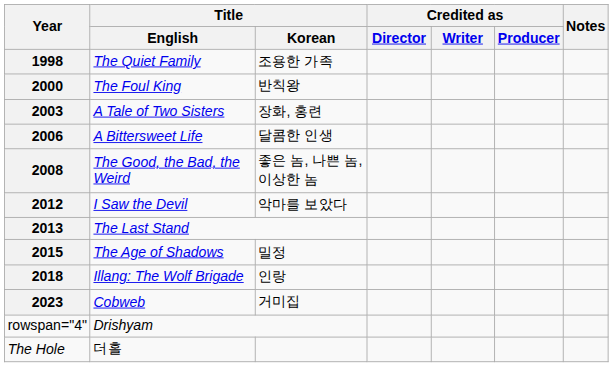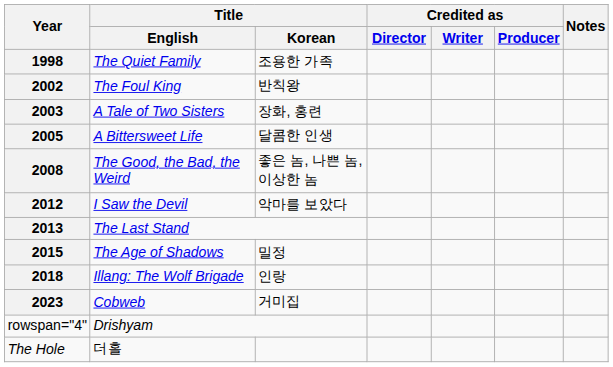 <table class="wikitable plainrowheaders sortable">
 <tr>
 <th rowspan="2" style="width:33px;">Year</th>
 <th colspan="2">Title</th>
 <th colspan="3">Credited as</th>
 <th rowspan="2" class="unsortable">Notes</th>
 </tr>
 <tr>
 <th width="180">English</th>
 <th width="120">Korean</th>
 <th width="65" class="unsortable"><a href='#'>Director</a></th>
 <th width="65" class="unsortable"><a href='#'>Writer</a></th>
 <th width="65" class="unsortable"><a href='#'>Producer</a></th>
 </tr>
 <tr>
 <th scope="row">1998</th>
 <td><em><a href='#'>The Quiet Family</a></em></td>
 <td>조용한 가족</td>
 <td></td>
 <td></td>
 <td></td>
 <td></td>
 </tr>
 <tr>
-<th scope="row">2000</th>
+<th scope="row">2002</th>
 <td><em><a href='#'>The Foul King</a></em></td>
 <td>반칙왕</td>
 <td></td>
 <td></td>
 <td></td>
 <td></td>
 </tr>
 <tr>
 <th scope="row">2003</th>
 <td><em><a href='#'>A Tale of Two Sisters</a></em></td>
 <td>장화, 홍련</td>
 <td></td>
 <td></td>
 <td></td>
 <td></td>
 </tr>
 <tr>
-<th scope="row">2006</th>
+<th scope="row">2005</th>
 <td><em><a href='#'>A Bittersweet Life</a></em></td>
 <td>달콤한 인생</td>
 <td></td>
 <td></td>
 <td></td>
 <td></td>
 </tr>
 <tr>
 <th scope="row">2008</th>
 <td><em><a href='#'>The Good, the Bad, the Weird</a></em></td>
 <td>좋은 놈, 나쁜 놈, 이상한 놈</td>
 <td></td>
 <td></td>
 <td></td>
 <td></td>
 </tr>
 <tr>
 <th scope="row">2012</th>
 <td><em><a href='#'>I Saw the Devil</a></em></td>
 <td>악마를 보았다</td>
 <td></td>
 <td></td>
 <td></td>
 <td></td>
 </tr>
 <tr>
 <th scope="row">2013</th>
 <td colspan="2"><em><a href='#'>The Last Stand</a></em></td>
 <td></td>
 <td></td>
 <td></td>
 <td></td>
 </tr>
 <tr>
 <th scope="row">2015</th>
 <td><em><a href='#'>The Age of Shadows</a></em></td>
 <td>밀정</td>
 <td></td>
 <td></td>
 <td></td>
 <td></td>
 </tr>
 <tr>
 <th scope="row">2018</th>
 <td><em><a href='#'>Illang: The Wolf Brigade</a></em></td>
 <td>인랑</td>
 <td></td>
 <td></td>
 <td></td>
 <td></td>
 </tr>
 <tr>
 <th scope="row">2023</th>
 <td><em><a href='#'>Cobweb</a></em></td>
 <td>거미집</td>
 <td></td>
 <td></td>
 <td></td>
 <td></td>
 </tr>
 <tr>
 <td>rowspan="4" </td>
 <td colspan="2"><em>Drishyam</em></td>
 <td></td>
 <td></td>
 <td></td>
 <td></td>
 </tr>
 <tr>
 <td><em>The Hole</em></td>
 <td>더홀</td>
 <td></td>
 <td></td>
 <td></td>
 <td></td>
 </tr>
 </table>
